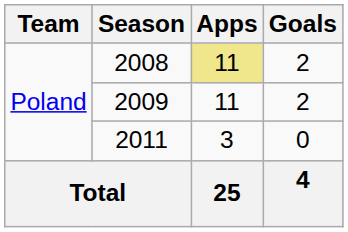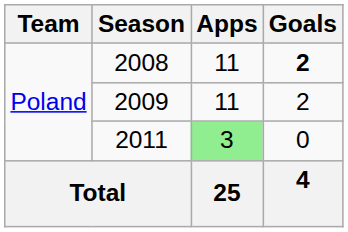 <table class="wikitable" style="text-align:center">
 <tr>
 <th>Team</th>
 <th>Season</th>
 <th>Apps</th>
 <th>Goals</th>
 </tr>
 <tr>
 <td rowspan=3><a href='#'>Poland</a></td>
 <td>2008</td>
-<td style="background: khaki;">11</td>
-<td>2</td>
+<td>11</td>
+<td><strong>2</strong></td>
 </tr>
 <tr>
 <td>2009</td>
 <td>11</td>
 <td>2</td>
 </tr>
 <tr>
 <td>2011</td>
-<td>3</td>
+<td style="background: lightgreen;">3</td>
 <td>0</td>
 </tr>
 <tr>
 <th colspan=2>Total</th>
 <th>25</th>
 <th>4<br><br>    </th>
 </tr>
 </table>
